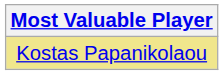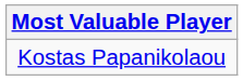 <table class=wikitable style="text-align:center; margin:auto">
 <tr>
 <th><a href='#'>Most Valuable Player</a></th>
 </tr>
 <tr>
-<td style="background: khaki;"> <a href='#'>Kostas Papanikolaou</a></td>
+<td> <a href='#'>Kostas Papanikolaou</a></td>
 </tr>
 </table>
